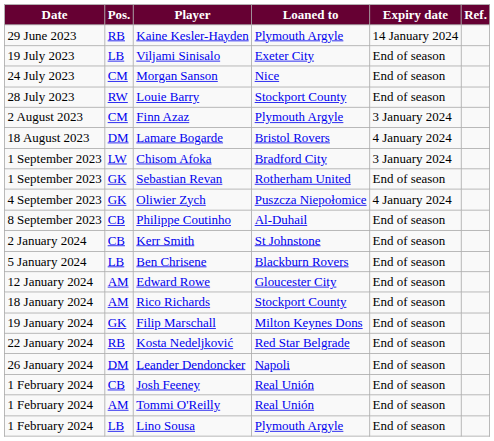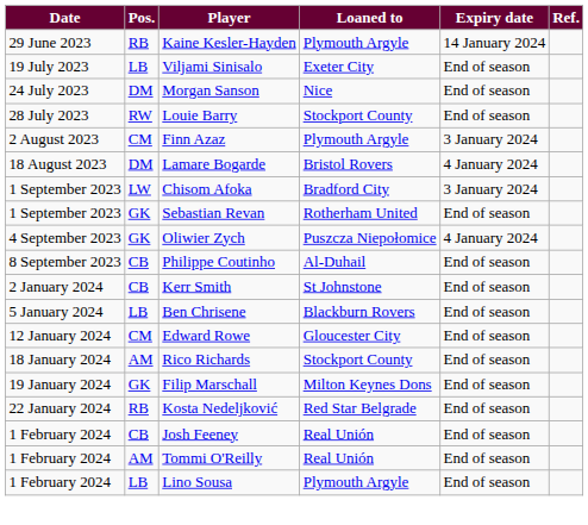 <table class="wikitable plainrowheaders sortable">
 <tr>
 <th style="background:#660033; color:#ffffff; ">Date</th>
 <th style="background:#660033; color:#ffffff; ">Pos.</th>
 <th style="background:#660033; color:#ffffff; ">Player</th>
 <th style="background:#660033; color:#ffffff; ">Loaned to</th>
 <th style="background:#660033; color:#ffffff; ">Expiry date</th>
 <th style="background:#660033; color:#ffffff; ">Ref.</th>
 </tr>
 <tr>
 <td>29 June 2023</td>
 <td><a href='#'>RB</a></td>
 <td> <a href='#'>Kaine Kesler-Hayden</a></td>
 <td> <a href='#'>Plymouth Argyle</a></td>
 <td>14 January 2024</td>
 <td></td>
 </tr>
 <tr>
 <td>19 July 2023</td>
 <td><a href='#'>LB</a></td>
 <td> <a href='#'>Viljami Sinisalo</a></td>
 <td> <a href='#'>Exeter City</a></td>
 <td>End of season</td>
 <td></td>
 </tr>
 <tr>
 <td>24 July 2023</td>
-<td><a href='#'>CM</a></td>
+<td><a href='#'>DM</a></td>
 <td> <a href='#'>Morgan Sanson</a></td>
 <td> <a href='#'>Nice</a></td>
 <td>End of season</td>
 <td></td>
 </tr>
 <tr>
 <td>28 July 2023</td>
 <td><a href='#'>RW</a></td>
 <td> <a href='#'>Louie Barry</a></td>
 <td> <a href='#'>Stockport County</a></td>
 <td>End of season</td>
 <td></td>
 </tr>
 <tr>
 <td>2 August 2023</td>
 <td><a href='#'>CM</a></td>
 <td> <a href='#'>Finn Azaz</a></td>
 <td> <a href='#'>Plymouth Argyle</a></td>
 <td>3 January 2024</td>
 <td></td>
 </tr>
 <tr>
 <td>18 August 2023</td>
 <td><a href='#'>DM</a></td>
 <td> <a href='#'>Lamare Bogarde</a></td>
 <td> <a href='#'>Bristol Rovers</a></td>
 <td>4 January 2024</td>
 <td></td>
 </tr>
 <tr>
 <td>1 September 2023</td>
 <td><a href='#'>LW</a></td>
 <td> <a href='#'>Chisom Afoka</a></td>
 <td> <a href='#'>Bradford City</a></td>
 <td>3 January 2024</td>
 <td></td>
 </tr>
 <tr>
 <td>1 September 2023</td>
 <td><a href='#'>GK</a></td>
 <td> <a href='#'>Sebastian Revan</a></td>
 <td> <a href='#'>Rotherham United</a></td>
 <td>End of season</td>
 <td></td>
 </tr>
 <tr>
 <td>4 September 2023</td>
 <td><a href='#'>GK</a></td>
 <td> <a href='#'>Oliwier Zych</a></td>
 <td> <a href='#'>Puszcza Niepołomice</a></td>
 <td>4 January 2024</td>
 <td></td>
 </tr>
 <tr>
 <td>8 September 2023</td>
 <td><a href='#'>CB</a></td>
 <td> <a href='#'>Philippe Coutinho</a></td>
 <td> <a href='#'>Al-Duhail</a></td>
 <td>End of season</td>
 <td></td>
 </tr>
 <tr>
 <td>2 January 2024</td>
 <td><a href='#'>CB</a></td>
 <td> <a href='#'>Kerr Smith</a></td>
 <td> <a href='#'>St Johnstone</a></td>
 <td>End of season</td>
 <td></td>
 </tr>
 <tr>
 <td>5 January 2024</td>
 <td><a href='#'>LB</a></td>
 <td> <a href='#'>Ben Chrisene</a></td>
 <td> <a href='#'>Blackburn Rovers</a></td>
 <td>End of season</td>
 <td></td>
 </tr>
 <tr>
 <td>12 January 2024</td>
-<td><a href='#'>AM</a></td>
+<td><a href='#'>CM</a></td>
 <td> <a href='#'>Edward Rowe</a></td>
 <td> <a href='#'>Gloucester City</a></td>
 <td>End of season</td>
 <td></td>
 </tr>
 <tr>
 <td>18 January 2024</td>
 <td><a href='#'>AM</a></td>
 <td> <a href='#'>Rico Richards</a></td>
 <td> <a href='#'>Stockport County</a></td>
 <td>End of season</td>
 <td></td>
 </tr>
 <tr>
 <td>19 January 2024</td>
 <td><a href='#'>GK</a></td>
 <td> <a href='#'>Filip Marschall</a></td>
 <td> <a href='#'>Milton Keynes Dons</a></td>
 <td>End of season</td>
 <td></td>
 </tr>
 <tr>
 <td>22 January 2024</td>
 <td><a href='#'>RB</a></td>
 <td> <a href='#'>Kosta Nedeljković</a></td>
 <td> <a href='#'>Red Star Belgrade</a></td>
 <td>End of season</td>
 <td></td>
 </tr>
 <tr>
-<td>26 January 2024</td>
-<td><a href='#'>DM</a></td>
-<td> <a href='#'>Leander Dendoncker</a></td>
-<td> <a href='#'>Napoli</a></td>
-<td>End of season</td>
-<td></td>
-</tr>
-<tr>
 <td>1 February 2024</td>
 <td><a href='#'>CB</a></td>
 <td> <a href='#'>Josh Feeney</a></td>
 <td> <a href='#'>Real Unión</a></td>
 <td>End of season</td>
 <td></td>
 </tr>
 <tr>
 <td>1 February 2024</td>
 <td><a href='#'>AM</a></td>
 <td> <a href='#'>Tommi O'Reilly</a></td>
 <td> <a href='#'>Real Unión</a></td>
 <td>End of season</td>
 <td></td>
 </tr>
 <tr>
 <td>1 February 2024</td>
 <td><a href='#'>LB</a></td>
 <td> <a href='#'>Lino Sousa</a></td>
 <td> <a href='#'>Plymouth Argyle</a></td>
 <td>End of season</td>
 <td></td>
 </tr>
 </table>
